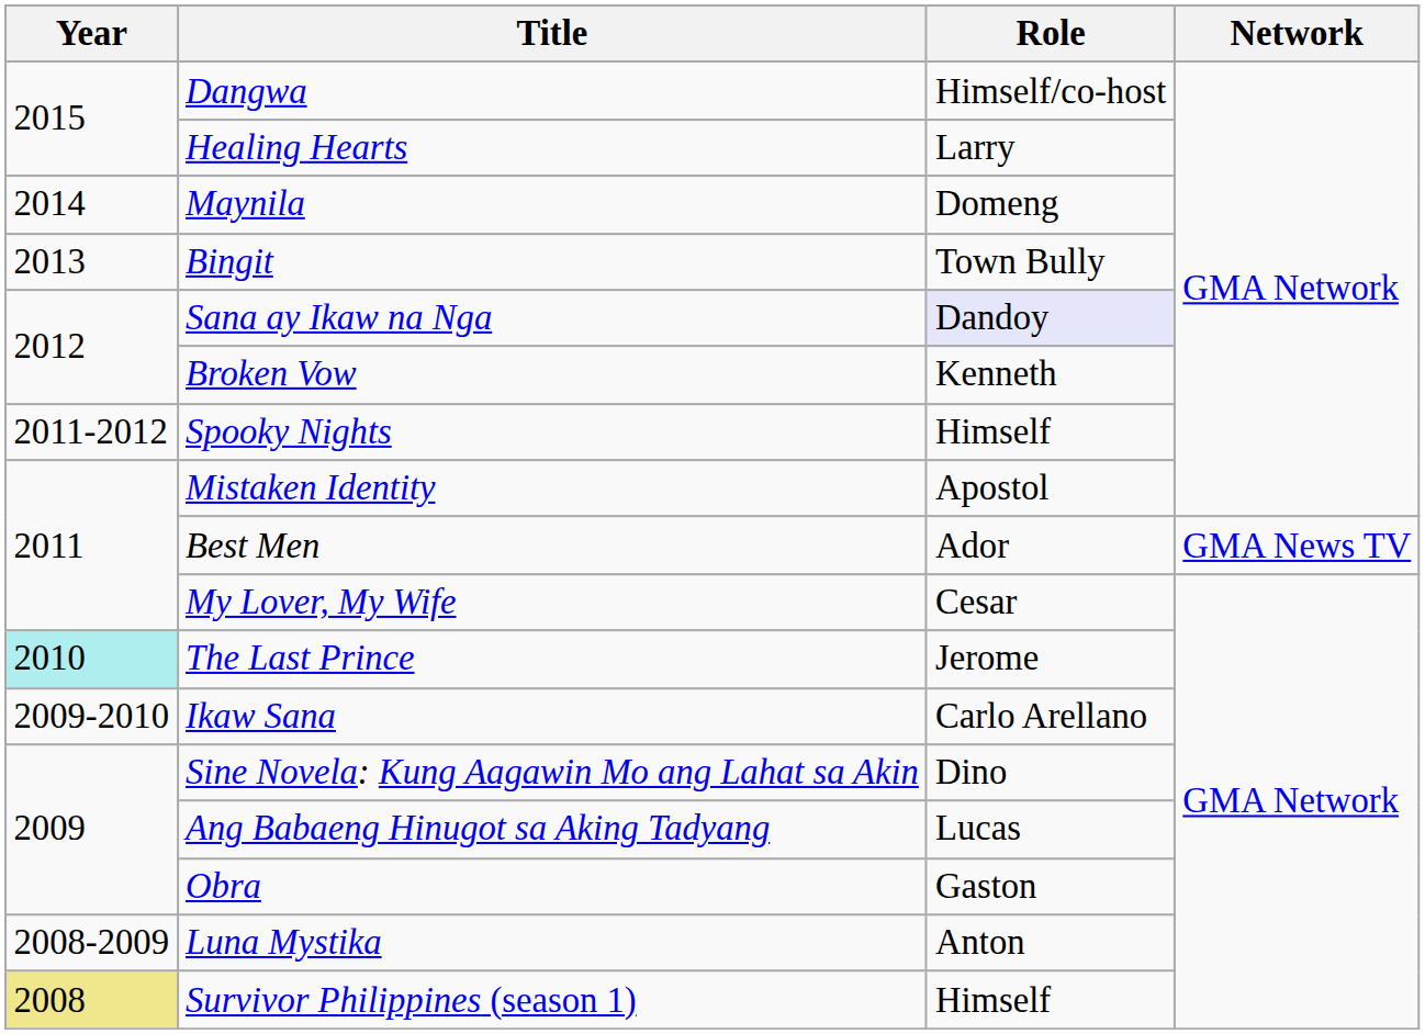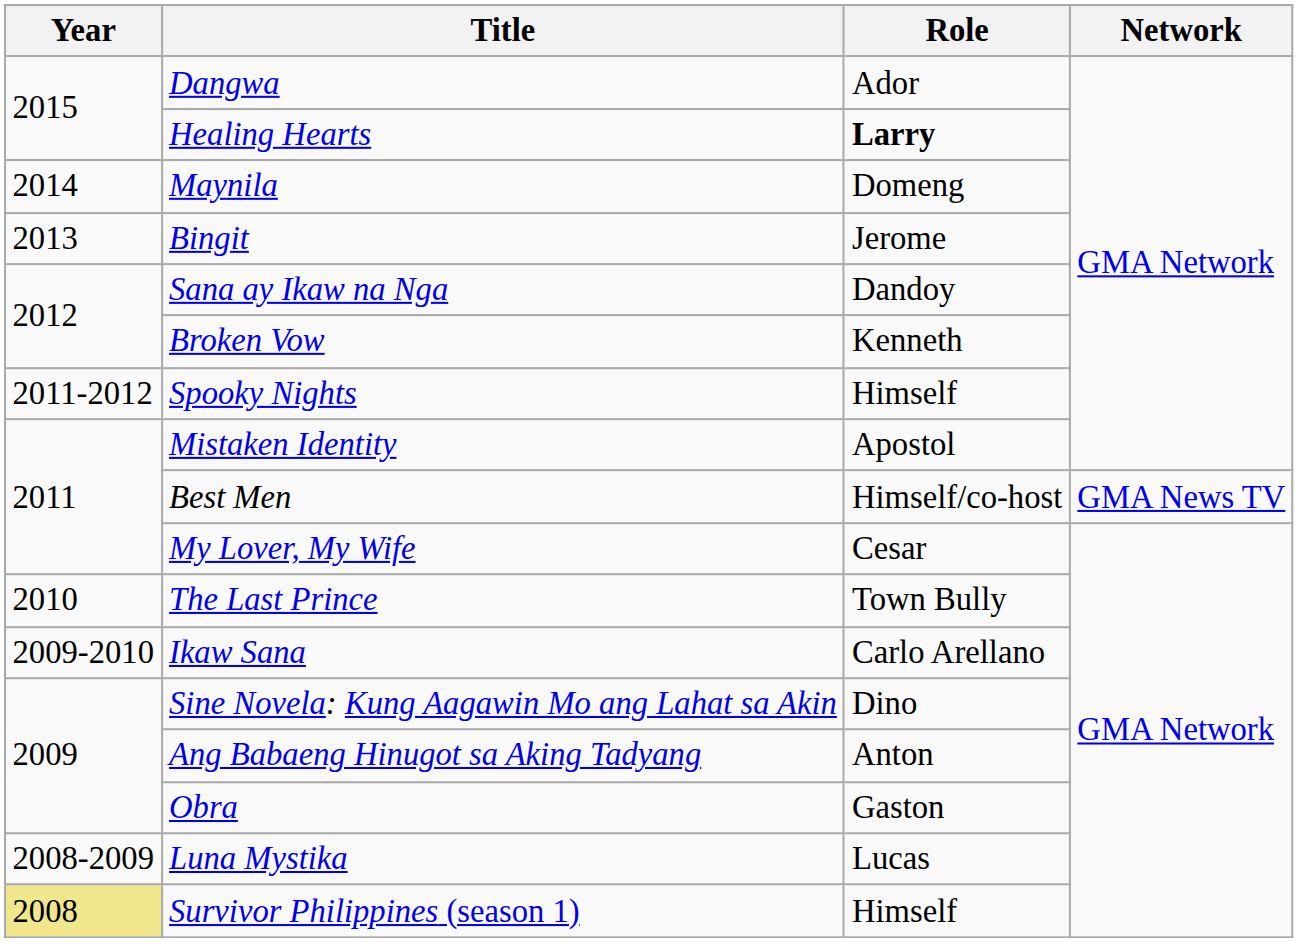 <table class="wikitable" style="font-size: 100%">
 <tr>
 <th>Year</th>
 <th>Title</th>
 <th>Role</th>
 <th>Network</th>
 </tr>
 <tr>
 <td rowspan="2">2015</td>
 <td><em><a href='#'>Dangwa</a></em></td>
-<td>Himself/co-host</td>
+<td>Ador</td>
 <td rowspan="8"><a href='#'>GMA Network</a></td>
 </tr>
 <tr>
 <td><em><a href='#'>Healing Hearts</a></em></td>
-<td>Larry</td>
+<td><strong>Larry</strong></td>
 </tr>
 <tr>
 <td>2014</td>
 <td><em><a href='#'>Maynila</a></em></td>
 <td>Domeng</td>
 </tr>
 <tr>
 <td>2013</td>
 <td><em><a href='#'>Bingit</a></em></td>
-<td>Town Bully</td>
+<td>Jerome</td>
 </tr>
 <tr>
 <td rowspan="2">2012</td>
 <td><em><a href='#'>Sana ay Ikaw na Nga</a></em></td>
-<td style="background: lavender;">Dandoy</td>
+<td>Dandoy</td>
 </tr>
 <tr>
 <td><em><a href='#'>Broken Vow</a></em></td>
 <td>Kenneth</td>
 </tr>
 <tr>
 <td>2011-2012</td>
 <td><em><a href='#'>Spooky Nights</a></em></td>
 <td>Himself</td>
 </tr>
 <tr>
 <td rowspan="3">2011</td>
 <td><em><a href='#'>Mistaken Identity</a></em></td>
 <td>Apostol</td>
 </tr>
 <tr>
 <td><em>Best Men</em></td>
-<td>Ador</td>
+<td>Himself/co-host</td>
 <td><a href='#'>GMA News TV</a></td>
 </tr>
 <tr>
 <td><em><a href='#'>My Lover, My Wife</a></em></td>
 <td>Cesar</td>
 <td rowspan="8"><a href='#'>GMA Network</a></td>
 </tr>
 <tr>
-<td style="background: paleturquoise;">2010</td>
+<td>2010</td>
 <td><em><a href='#'>The Last Prince</a></em></td>
-<td>Jerome</td>
+<td>Town Bully</td>
 </tr>
 <tr>
 <td>2009-2010</td>
 <td><em><a href='#'>Ikaw Sana</a></em></td>
 <td>Carlo Arellano</td>
 </tr>
 <tr>
 <td rowspan="3">2009</td>
 <td><em><a href='#'>Sine Novela</a>: <a href='#'>Kung Aagawin Mo ang Lahat sa Akin</a></em></td>
 <td>Dino</td>
 </tr>
 <tr>
 <td><em><a href='#'>Ang Babaeng Hinugot sa Aking Tadyang</a></em></td>
-<td>Lucas</td>
+<td>Anton</td>
 </tr>
 <tr>
 <td><em><a href='#'>Obra</a></em></td>
 <td>Gaston</td>
 </tr>
 <tr>
 <td>2008-2009</td>
 <td><em><a href='#'>Luna Mystika</a></em></td>
-<td>Anton</td>
+<td>Lucas</td>
 </tr>
 <tr>
 <td style="background: khaki;">2008</td>
 <td><a href='#'><em>Survivor Philippines</em> (season 1)</a></td>
 <td>Himself</td>
 </tr>
 </table>
